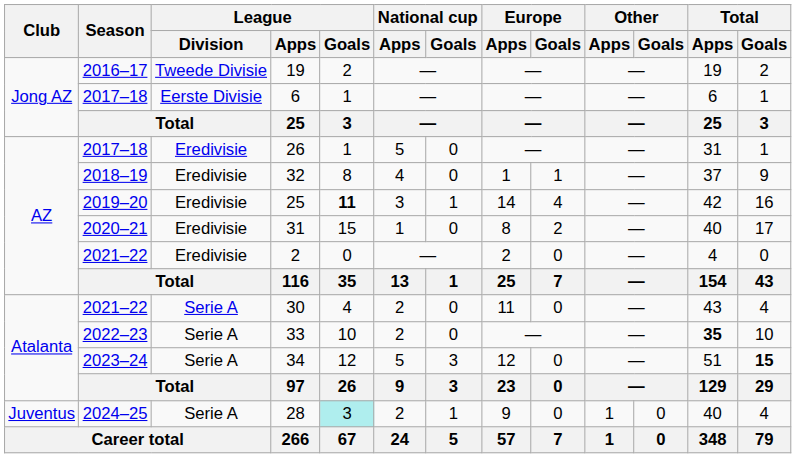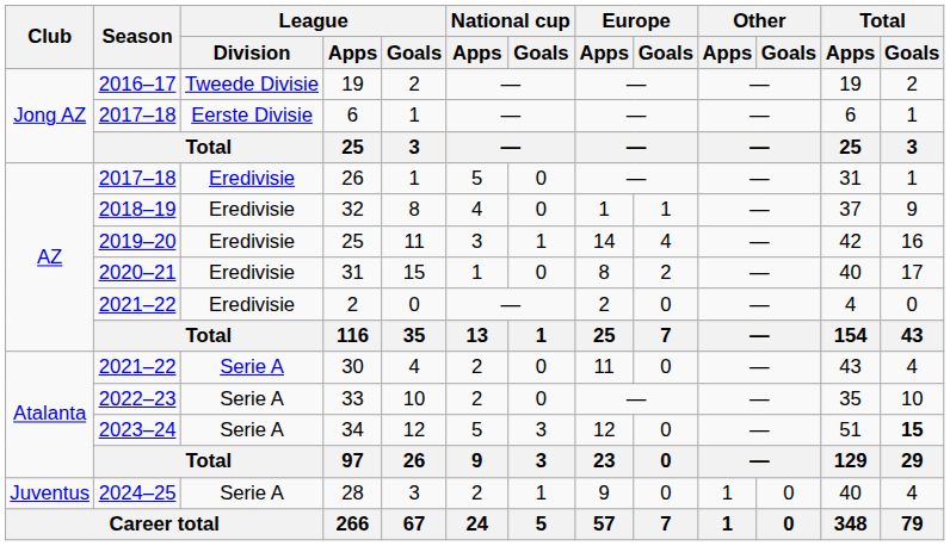 <table class="wikitable" style="text-align:center">
 <tr>
 <th rowspan="2">Club</th>
 <th rowspan="2">Season</th>
 <th colspan="3">League</th>
 <th colspan="2">National cup</th>
 <th colspan="2">Europe</th>
 <th colspan="2">Other</th>
 <th colspan="2">Total</th>
 </tr>
 <tr>
 <th>Division</th>
 <th>Apps</th>
 <th>Goals</th>
 <th>Apps</th>
 <th>Goals</th>
 <th>Apps</th>
 <th>Goals</th>
 <th>Apps</th>
 <th>Goals</th>
 <th>Apps</th>
 <th>Goals</th>
 </tr>
 <tr>
 <td rowspan="3"><a href='#'>Jong AZ</a></td>
 <td><a href='#'>2016–17</a></td>
 <td><a href='#'>Tweede Divisie</a></td>
 <td>19</td>
 <td>2</td>
 <td colspan="2">—</td>
 <td colspan="2">—</td>
 <td colspan="2">—</td>
 <td>19</td>
 <td>2</td>
 </tr>
 <tr>
 <td><a href='#'>2017–18</a></td>
 <td><a href='#'>Eerste Divisie</a></td>
 <td>6</td>
 <td>1</td>
 <td colspan="2">—</td>
 <td colspan="2">—</td>
 <td colspan="2">—</td>
 <td>6</td>
 <td>1</td>
 </tr>
 <tr>
 <th colspan="2">Total</th>
 <th>25</th>
 <th>3</th>
 <th colspan="2">—</th>
 <th colspan="2">—</th>
 <th colspan="2">—</th>
 <th>25</th>
 <th>3</th>
 </tr>
 <tr>
 <td rowspan="6"><a href='#'>AZ</a></td>
 <td><a href='#'>2017–18</a></td>
 <td><a href='#'>Eredivisie</a></td>
 <td>26</td>
 <td>1</td>
 <td>5</td>
 <td>0</td>
 <td colspan="2">—</td>
 <td colspan="2">—</td>
 <td>31</td>
 <td>1</td>
 </tr>
 <tr>
 <td><a href='#'>2018–19</a></td>
 <td>Eredivisie</td>
 <td>32</td>
 <td>8</td>
 <td>4</td>
 <td>0</td>
 <td>1</td>
 <td>1</td>
 <td colspan="2">—</td>
 <td>37</td>
 <td>9</td>
 </tr>
 <tr>
 <td><a href='#'>2019–20</a></td>
 <td>Eredivisie</td>
 <td>25</td>
-<td><strong>11</strong></td>
+<td>11</td>
 <td>3</td>
 <td>1</td>
 <td>14</td>
 <td>4</td>
 <td colspan="2">—</td>
 <td>42</td>
 <td>16</td>
 </tr>
 <tr>
 <td><a href='#'>2020–21</a></td>
 <td>Eredivisie</td>
 <td>31</td>
 <td>15</td>
 <td>1</td>
 <td>0</td>
 <td>8</td>
 <td>2</td>
 <td colspan="2">—</td>
 <td>40</td>
 <td>17</td>
 </tr>
 <tr>
 <td><a href='#'>2021–22</a></td>
 <td>Eredivisie</td>
 <td>2</td>
 <td>0</td>
 <td colspan="2">—</td>
 <td>2</td>
 <td>0</td>
 <td colspan="2">—</td>
 <td>4</td>
 <td>0</td>
 </tr>
 <tr>
 <th colspan="2">Total</th>
 <th>116</th>
 <th>35</th>
 <th>13</th>
 <th>1</th>
 <th>25</th>
 <th>7</th>
 <th colspan="2">—</th>
 <th>154</th>
 <th>43</th>
 </tr>
 <tr>
 <td rowspan="4"><a href='#'>Atalanta</a></td>
 <td><a href='#'>2021–22</a></td>
 <td><a href='#'>Serie A</a></td>
 <td>30</td>
 <td>4</td>
 <td>2</td>
 <td>0</td>
 <td>11</td>
 <td>0</td>
 <td colspan="2">—</td>
 <td>43</td>
 <td>4</td>
 </tr>
 <tr>
 <td><a href='#'>2022–23</a></td>
 <td>Serie A</td>
 <td>33</td>
 <td>10</td>
 <td>2</td>
 <td>0</td>
 <td colspan="2">—</td>
 <td colspan="2">—</td>
-<td><strong>35</strong></td>
+<td>35</td>
 <td>10</td>
 </tr>
 <tr>
 <td><a href='#'>2023–24</a></td>
 <td>Serie A</td>
 <td>34</td>
 <td>12</td>
 <td>5</td>
 <td>3</td>
 <td>12</td>
 <td>0</td>
 <td colspan="2">—</td>
 <td>51</td>
 <td><strong>15</strong></td>
 </tr>
 <tr>
 <th colspan="2">Total</th>
 <th>97</th>
 <th>26</th>
 <th>9</th>
 <th>3</th>
 <th>23</th>
 <th>0</th>
 <th colspan="2">—</th>
 <th>129</th>
 <th>29</th>
 </tr>
 <tr>
 <td><a href='#'>Juventus</a></td>
 <td><a href='#'>2024–25</a></td>
 <td>Serie A</td>
 <td>28</td>
-<td style="background: paleturquoise;">3</td>
+<td>3</td>
 <td>2</td>
 <td>1</td>
 <td>9</td>
 <td>0</td>
 <td>1</td>
 <td>0</td>
 <td>40</td>
 <td>4</td>
 </tr>
 <tr>
 <th colspan="3">Career total</th>
 <th>266</th>
 <th>67</th>
 <th>24</th>
 <th>5</th>
 <th>57</th>
 <th>7</th>
 <th>1</th>
 <th>0</th>
 <th>348</th>
 <th>79</th>
 </tr>
 </table>
